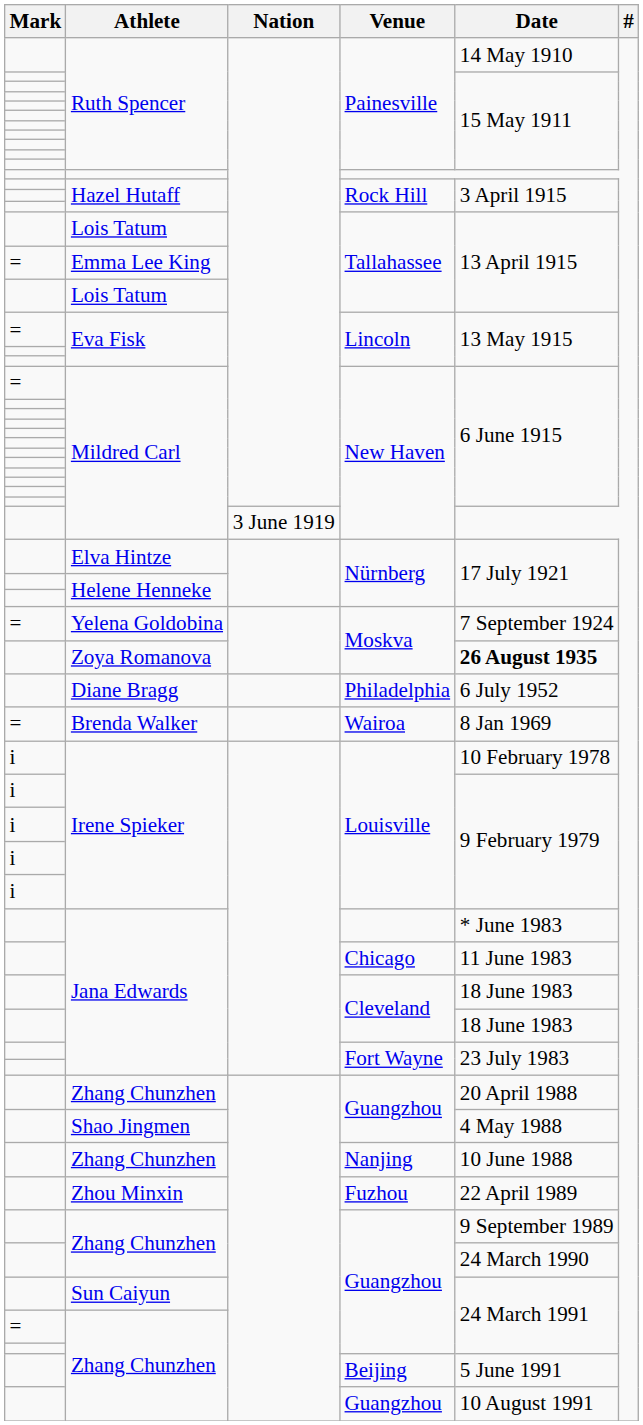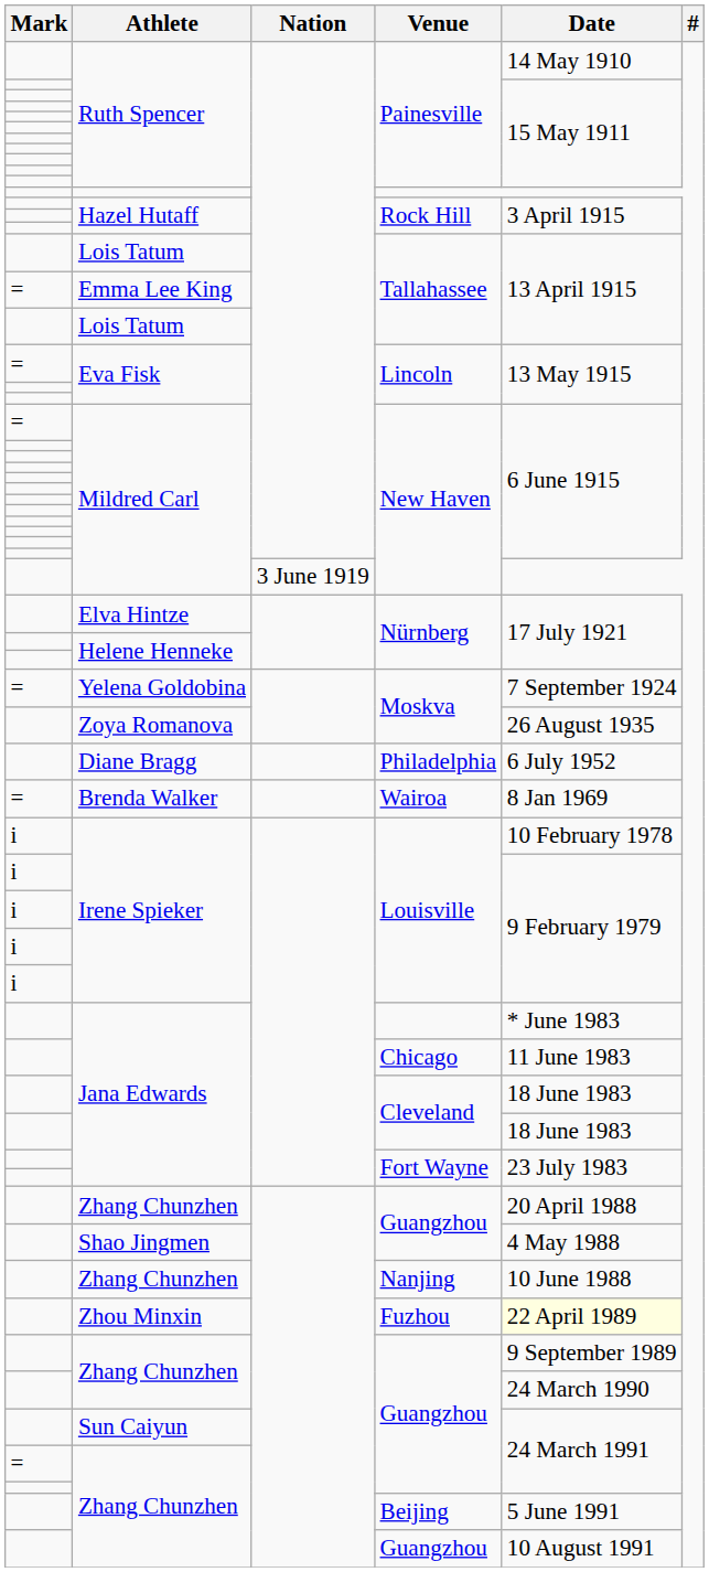 <table class="wikitable">
 <tr>
 <th>Mark</th>
 <th>Athlete</th>
 <th>Nation</th>
 <th>Venue</th>
 <th>Date</th>
 <th>#</th>
 </tr>
 <tr>
 <td></td>
 <td rowspan="11"><a href='#'>Ruth Spencer</a></td>
 <td rowspan="33"></td>
 <td rowspan="11"><a href='#'>Painesville</a></td>
 <td>14 May 1910</td>
 </tr>
 <tr>
 <td></td>
 <td rowspan="10">15 May 1911</td>
 </tr>
 <tr>
 <td></td>
 </tr>
 <tr>
 <td></td>
 </tr>
 <tr>
 <td></td>
 </tr>
 <tr>
 <td></td>
 </tr>
 <tr>
 <td></td>
 </tr>
 <tr>
 <td></td>
 </tr>
 <tr>
 <td></td>
 </tr>
 <tr>
 <td></td>
 </tr>
 <tr>
 <td></td>
 </tr>
 <tr>
 <td></td>
 </tr>
 <tr>
 <td></td>
 <td rowspan="3"><a href='#'>Hazel Hutaff</a></td>
 <td rowspan="3"><a href='#'>Rock Hill</a></td>
 <td rowspan="3">3 April 1915</td>
 </tr>
 <tr>
 <td></td>
 </tr>
 <tr>
 <td></td>
 </tr>
 <tr>
 <td></td>
 <td><a href='#'>Lois Tatum</a></td>
 <td rowspan="3"><a href='#'>Tallahassee</a></td>
 <td rowspan="3">13 April 1915</td>
 </tr>
 <tr>
 <td>=</td>
 <td><a href='#'>Emma Lee King</a></td>
 </tr>
 <tr>
 <td></td>
 <td><a href='#'>Lois Tatum</a></td>
 </tr>
 <tr>
 <td>=</td>
 <td rowspan="3"><a href='#'>Eva Fisk</a></td>
 <td rowspan="3"><a href='#'>Lincoln</a></td>
 <td rowspan="3">13 May 1915</td>
 </tr>
 <tr>
 <td></td>
 </tr>
 <tr>
 <td></td>
 </tr>
 <tr>
 <td>=</td>
 <td rowspan="13"><a href='#'>Mildred Carl</a></td>
 <td rowspan="13"><a href='#'>New Haven</a></td>
 <td rowspan="12">6 June 1915</td>
 </tr>
 <tr>
 <td></td>
 </tr>
 <tr>
 <td></td>
 </tr>
 <tr>
 <td></td>
 </tr>
 <tr>
 <td></td>
 </tr>
 <tr>
 <td></td>
 </tr>
 <tr>
 <td></td>
 </tr>
 <tr>
 <td></td>
 </tr>
 <tr>
 <td></td>
 </tr>
 <tr>
 <td></td>
 </tr>
 <tr>
 <td></td>
 </tr>
 <tr>
 <td></td>
 </tr>
 <tr>
 <td></td>
 <td>3 June 1919</td>
 </tr>
 <tr>
 <td></td>
 <td><a href='#'>Elva Hintze</a></td>
 <td rowspan="3"></td>
 <td rowspan="3"><a href='#'>Nürnberg</a></td>
 <td rowspan="3">17 July 1921</td>
 </tr>
 <tr>
 <td></td>
 <td rowspan="2"><a href='#'>Helene Henneke</a></td>
 </tr>
 <tr>
 <td></td>
 </tr>
 <tr>
 <td>=</td>
 <td><a href='#'>Yelena Goldobina</a></td>
 <td rowspan="2"></td>
 <td rowspan="2"><a href='#'>Moskva</a></td>
 <td>7 September 1924</td>
 </tr>
 <tr>
 <td></td>
 <td><a href='#'>Zoya Romanova</a></td>
-<td><strong>26 August 1935</strong></td>
+<td>26 August 1935</td>
 </tr>
 <tr>
 <td></td>
 <td><a href='#'>Diane Bragg</a></td>
 <td></td>
 <td><a href='#'>Philadelphia</a></td>
 <td>6 July 1952</td>
 </tr>
 <tr>
 <td>=</td>
 <td><a href='#'>Brenda Walker</a></td>
 <td></td>
 <td><a href='#'>Wairoa</a></td>
 <td>8 Jan 1969</td>
 </tr>
 <tr>
 <td> i</td>
 <td rowspan="5"><a href='#'>Irene Spieker</a></td>
 <td rowspan="11"></td>
 <td rowspan="5"><a href='#'>Louisville</a></td>
 <td>10 February 1978</td>
 </tr>
 <tr>
 <td> i</td>
 <td rowspan="4">9 February 1979</td>
 </tr>
 <tr>
 <td> i</td>
 </tr>
 <tr>
 <td> i</td>
 </tr>
 <tr>
 <td> i</td>
 </tr>
 <tr>
 <td></td>
 <td rowspan="6"><a href='#'>Jana Edwards</a></td>
 <td></td>
 <td>*  June 1983</td>
 </tr>
 <tr>
 <td></td>
 <td><a href='#'>Chicago</a></td>
 <td>11 June 1983</td>
 </tr>
 <tr>
 <td></td>
 <td rowspan="2"><a href='#'>Cleveland</a></td>
 <td>18 June 1983</td>
 </tr>
 <tr>
 <td></td>
 <td>18 June 1983</td>
 </tr>
 <tr>
 <td></td>
 <td rowspan="2"><a href='#'>Fort Wayne</a></td>
 <td rowspan="2">23 July 1983</td>
 </tr>
 <tr>
 <td></td>
 </tr>
 <tr>
 <td></td>
 <td><a href='#'>Zhang Chunzhen</a></td>
 <td rowspan="11"></td>
 <td rowspan="2"><a href='#'>Guangzhou</a></td>
 <td>20 April 1988</td>
 </tr>
 <tr>
 <td></td>
 <td><a href='#'>Shao Jingmen</a></td>
 <td>4 May 1988</td>
 </tr>
 <tr>
 <td></td>
 <td><a href='#'>Zhang Chunzhen</a></td>
 <td><a href='#'>Nanjing</a></td>
 <td>10 June 1988</td>
 </tr>
 <tr>
 <td></td>
 <td><a href='#'>Zhou Minxin</a></td>
 <td><a href='#'>Fuzhou</a></td>
-<td>22 April 1989</td>
+<td style="background: lightyellow;">22 April 1989</td>
 </tr>
 <tr>
 <td></td>
 <td rowspan="2"><a href='#'>Zhang Chunzhen</a></td>
 <td rowspan="5"><a href='#'>Guangzhou</a></td>
 <td>9 September 1989</td>
 </tr>
 <tr>
 <td></td>
 <td>24 March 1990</td>
 </tr>
 <tr>
 <td></td>
 <td><a href='#'>Sun Caiyun</a></td>
 <td rowspan="3">24 March 1991</td>
 </tr>
 <tr>
 <td>=</td>
 <td rowspan="4"><a href='#'>Zhang Chunzhen</a></td>
 </tr>
 <tr>
 <td></td>
 </tr>
 <tr>
 <td></td>
 <td><a href='#'>Beijing</a></td>
 <td>5 June 1991</td>
 </tr>
 <tr>
 <td></td>
 <td><a href='#'>Guangzhou</a></td>
 <td>10 August 1991</td>
 </tr>
 </table>
